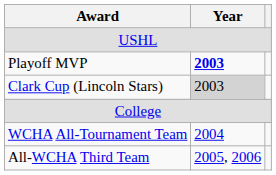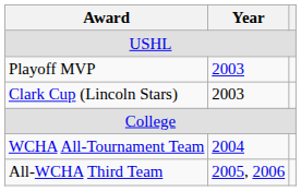 <table class="wikitable">
 <tr>
 <th>Award</th>
 <th>Year</th>
 <th></th>
 </tr>
 <tr ALIGN="center" bgcolor="#e0e0e0">
 <td colspan="3"><a href='#'>USHL</a></td>
 </tr>
 <tr>
 <td>Playoff MVP</td>
-<td><strong><a href='#'>2003</a></strong></td>
+<td><a href='#'>2003</a></td>
 <td></td>
 </tr>
 <tr>
 <td><a href='#'>Clark Cup</a> (Lincoln Stars)</td>
-<td style="background: lightgrey;">2003</td>
+<td>2003</td>
 <td></td>
 </tr>
 <tr ALIGN="center" bgcolor="#e0e0e0">
 <td colspan="3"><a href='#'>College</a></td>
 </tr>
 <tr>
 <td><a href='#'>WCHA</a> <a href='#'>All-Tournament Team</a></td>
 <td><a href='#'>2004</a></td>
 <td></td>
 </tr>
 <tr>
 <td>All-<a href='#'>WCHA</a> <a href='#'>Third Team</a></td>
 <td><a href='#'>2005</a>, <a href='#'>2006</a></td>
 <td></td>
 </tr>
 </table>
